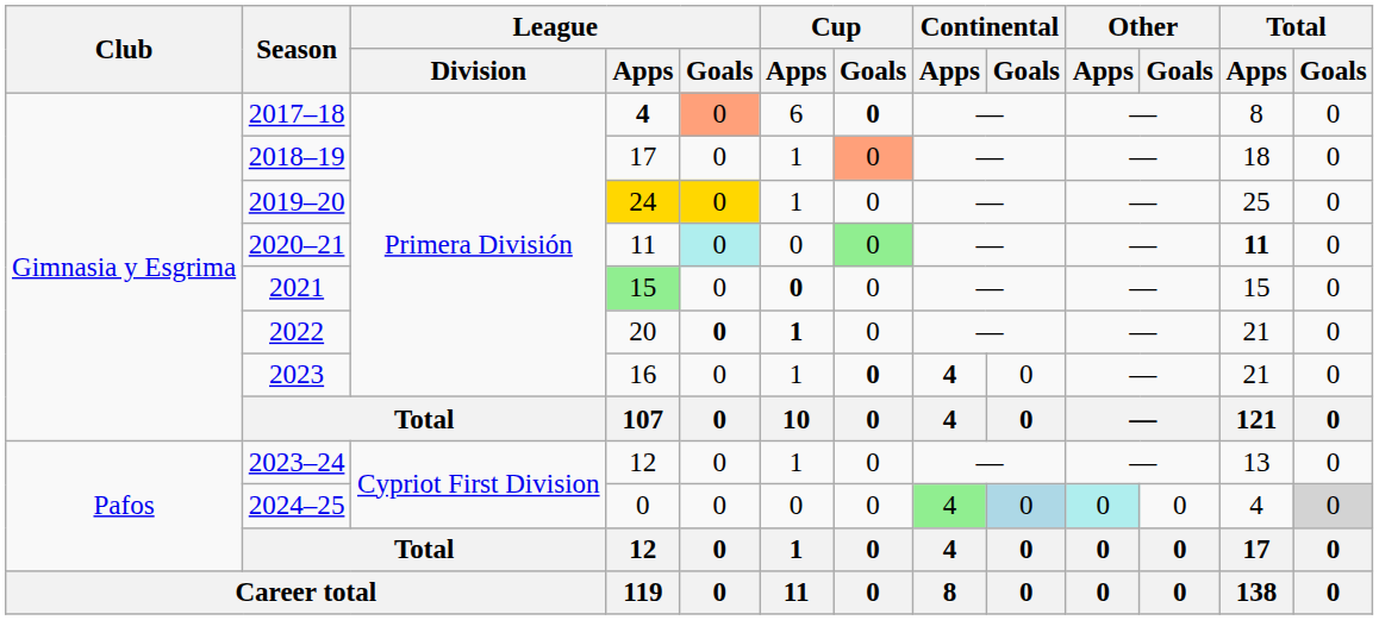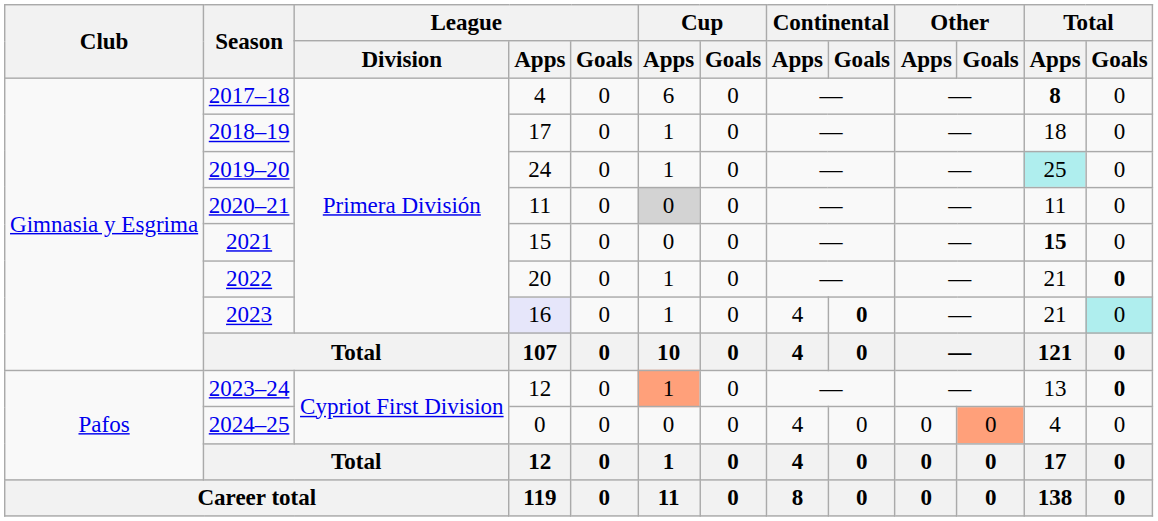 <table class="wikitable" style="text-align:center">
 <tr>
 <th rowspan="2">Club</th>
 <th rowspan="2">Season</th>
 <th colspan="3">League</th>
 <th colspan="2">Cup</th>
 <th colspan="2">Continental</th>
 <th colspan="2">Other</th>
 <th colspan="2">Total</th>
 </tr>
 <tr>
 <th>Division</th>
 <th>Apps</th>
 <th>Goals</th>
 <th>Apps</th>
 <th>Goals</th>
 <th>Apps</th>
 <th>Goals</th>
 <th>Apps</th>
 <th>Goals</th>
 <th>Apps</th>
 <th>Goals</th>
 </tr>
 <tr>
 <td rowspan="8"><a href='#'>Gimnasia y Esgrima</a></td>
 <td><a href='#'>2017–18</a></td>
 <td rowspan="7"><a href='#'>Primera División</a></td>
-<td><strong>4</strong></td>
-<td style="background: lightsalmon;">0</td>
+<td>4</td>
+<td>0</td>
 <td>6</td>
-<td><strong>0</strong></td>
+<td>0</td>
 <td colspan="2">—</td>
 <td colspan="2">—</td>
-<td>8</td>
+<td><strong>8</strong></td>
 <td>0</td>
 </tr>
 <tr>
 <td><a href='#'>2018–19</a></td>
 <td>17</td>
 <td>0</td>
 <td>1</td>
-<td style="background: lightsalmon;">0</td>
+<td>0</td>
 <td colspan="2">—</td>
 <td colspan="2">—</td>
 <td>18</td>
 <td>0</td>
 </tr>
 <tr>
 <td><a href='#'>2019–20</a></td>
-<td style="background: gold;">24</td>
-<td style="background: gold;">0</td>
+<td>24</td>
+<td>0</td>
 <td>1</td>
 <td>0</td>
 <td colspan="2">—</td>
 <td colspan="2">—</td>
-<td>25</td>
+<td style="background: paleturquoise;">25</td>
 <td>0</td>
 </tr>
 <tr>
 <td><a href='#'>2020–21</a></td>
 <td>11</td>
-<td style="background: paleturquoise;">0</td>
 <td>0</td>
-<td style="background: lightgreen;">0</td>
+<td style="background: lightgrey;">0</td>
+<td>0</td>
 <td colspan="2">—</td>
 <td colspan="2">—</td>
-<td><strong>11</strong></td>
+<td>11</td>
 <td>0</td>
 </tr>
 <tr>
 <td><a href='#'>2021</a></td>
-<td style="background: lightgreen;">15</td>
+<td>15</td>
 <td>0</td>
-<td><strong>0</strong></td>
+<td>0</td>
 <td>0</td>
 <td colspan="2">—</td>
 <td colspan="2">—</td>
-<td>15</td>
+<td><strong>15</strong></td>
 <td>0</td>
 </tr>
 <tr>
 <td><a href='#'>2022</a></td>
 <td>20</td>
-<td><strong>0</strong></td>
-<td><strong>1</strong></td>
+<td>0</td>
+<td>1</td>
 <td>0</td>
 <td colspan="2">—</td>
 <td colspan="2">—</td>
 <td>21</td>
-<td>0</td>
+<td><strong>0</strong></td>
 </tr>
 <tr>
 <td><a href='#'>2023</a></td>
-<td>16</td>
+<td style="background: lavender;">16</td>
 <td>0</td>
 <td>1</td>
+<td>0</td>
+<td>4</td>
 <td><strong>0</strong></td>
-<td><strong>4</strong></td>
-<td>0</td>
 <td colspan="2">—</td>
 <td>21</td>
-<td>0</td>
+<td style="background: paleturquoise;">0</td>
 </tr>
 <tr>
 <th colspan="2">Total</th>
 <th>107</th>
 <th>0</th>
 <th>10</th>
 <th>0</th>
 <th>4</th>
 <th>0</th>
 <th colspan="2">—</th>
 <th>121</th>
 <th>0</th>
 </tr>
 <tr>
 <td rowspan="3"><a href='#'>Pafos</a></td>
 <td><a href='#'>2023–24</a></td>
 <td rowspan="2"><a href='#'>Cypriot First Division</a></td>
 <td>12</td>
 <td>0</td>
-<td>1</td>
+<td style="background: lightsalmon;">1</td>
 <td>0</td>
 <td colspan="2">—</td>
 <td colspan="2">—</td>
 <td>13</td>
-<td>0</td>
+<td><strong>0</strong></td>
 </tr>
 <tr>
 <td><a href='#'>2024–25</a></td>
 <td>0</td>
 <td>0</td>
 <td>0</td>
 <td>0</td>
-<td style="background: lightgreen;">4</td>
-<td style="background: lightblue;">0</td>
-<td style="background: paleturquoise;">0</td>
+<td>4</td>
 <td>0</td>
+<td>0</td>
+<td style="background: lightsalmon;">0</td>
 <td>4</td>
-<td style="background: lightgrey;">0</td>
+<td>0</td>
 </tr>
 <tr>
 <th colspan="2">Total</th>
 <th>12</th>
 <th>0</th>
 <th>1</th>
 <th>0</th>
 <th>4</th>
 <th>0</th>
 <th>0</th>
 <th>0</th>
 <th>17</th>
 <th>0</th>
 </tr>
 <tr>
 <th colspan="3">Career total</th>
 <th>119</th>
 <th>0</th>
 <th>11</th>
 <th>0</th>
 <th>8</th>
 <th>0</th>
 <th>0</th>
 <th>0</th>
 <th>138</th>
 <th>0</th>
 </tr>
 </table>
